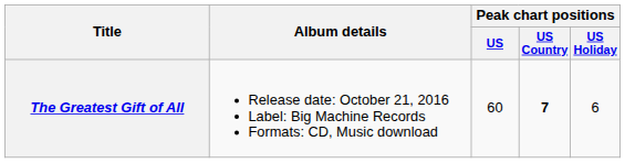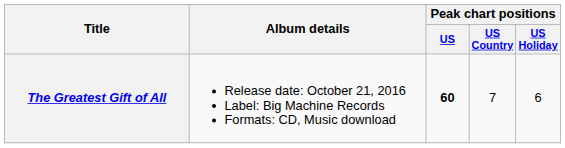 <table class="wikitable plainrowheaders" style="text-align:center;">
 <tr>
 <th scope="col" rowspan="2" style="width:14em;">Title</th>
 <th scope="col" rowspan="2" style="width:18em;">Album details</th>
 <th scope="col" colspan="4">Peak chart positions</th>
 </tr>
 <tr>
 <th scope="col" style="width:3.5em;font-size:85%;"><a href='#'>US</a><br></th>
 <th scope="col" style="width:3.5em;font-size:85%;"><a href='#'>US Country</a><br></th>
 <th scope="col" style="width:3.5em;font-size:85%;"><a href='#'>US<br>Holiday</a><br></th>
 </tr>
 <tr>
 <th scope="row"><em><a href='#'>The Greatest Gift of All</a></em></th>
 <td style="text-align:left;"><br><ul><li>Release date: October 21, 2016</li><li>Label: Big Machine Records</li><li>Formats: CD, Music download</li></ul></td>
-<td>60</td>
-<td><strong>7</strong></td>
+<td><strong>60</strong></td>
+<td>7</td>
 <td>6</td>
 </tr>
 </table>
